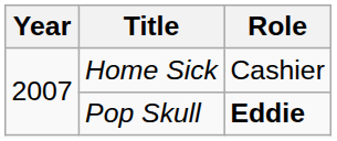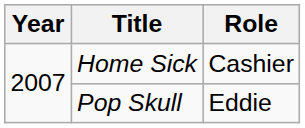 <table class="wikitable">
 <tr>
 <th>Year</th>
 <th>Title</th>
 <th>Role</th>
 </tr>
 <tr>
 <td rowspan=2>2007</td>
 <td><em>Home Sick</em></td>
 <td>Cashier</td>
 </tr>
 <tr>
 <td><em>Pop Skull</em></td>
-<td><strong>Eddie</strong></td>
+<td>Eddie</td>
 </tr>
 </table>
